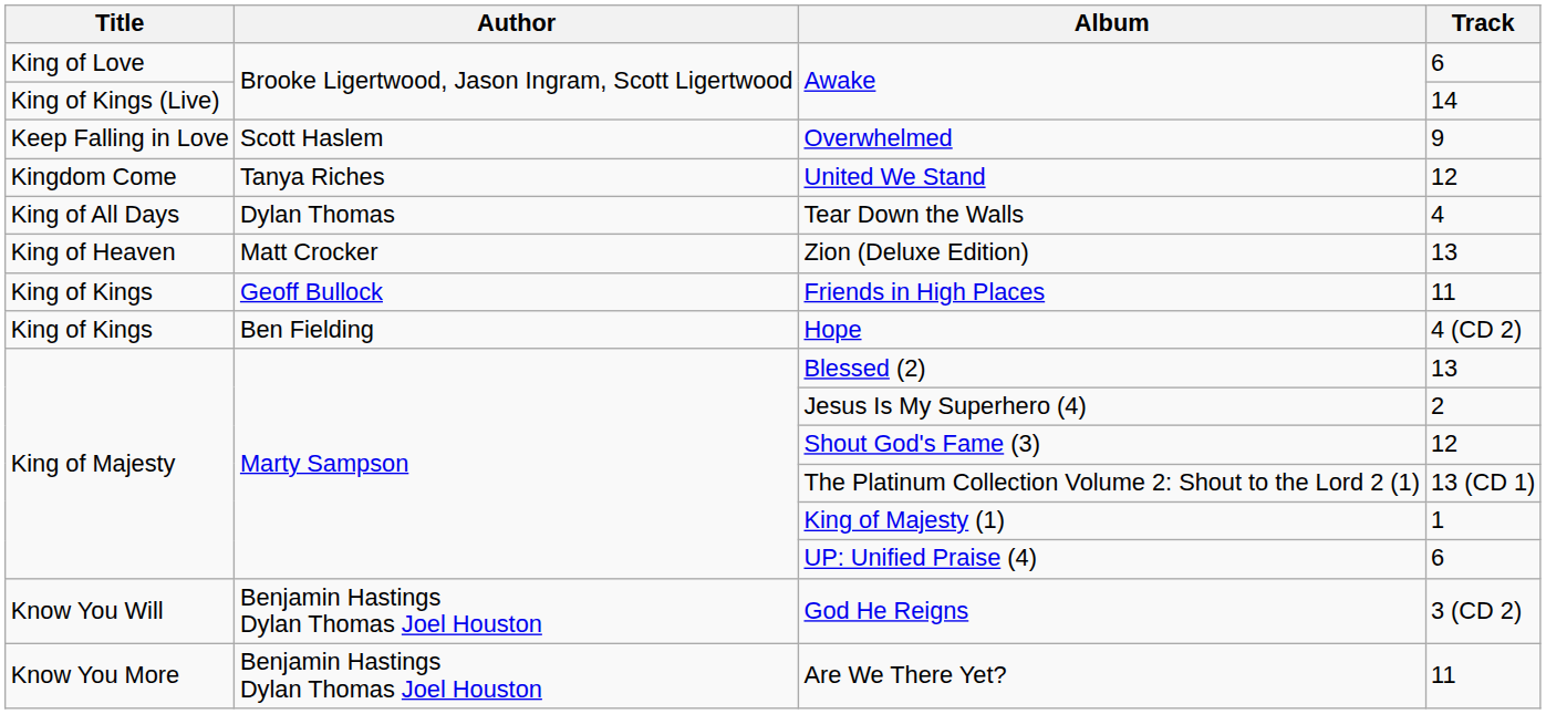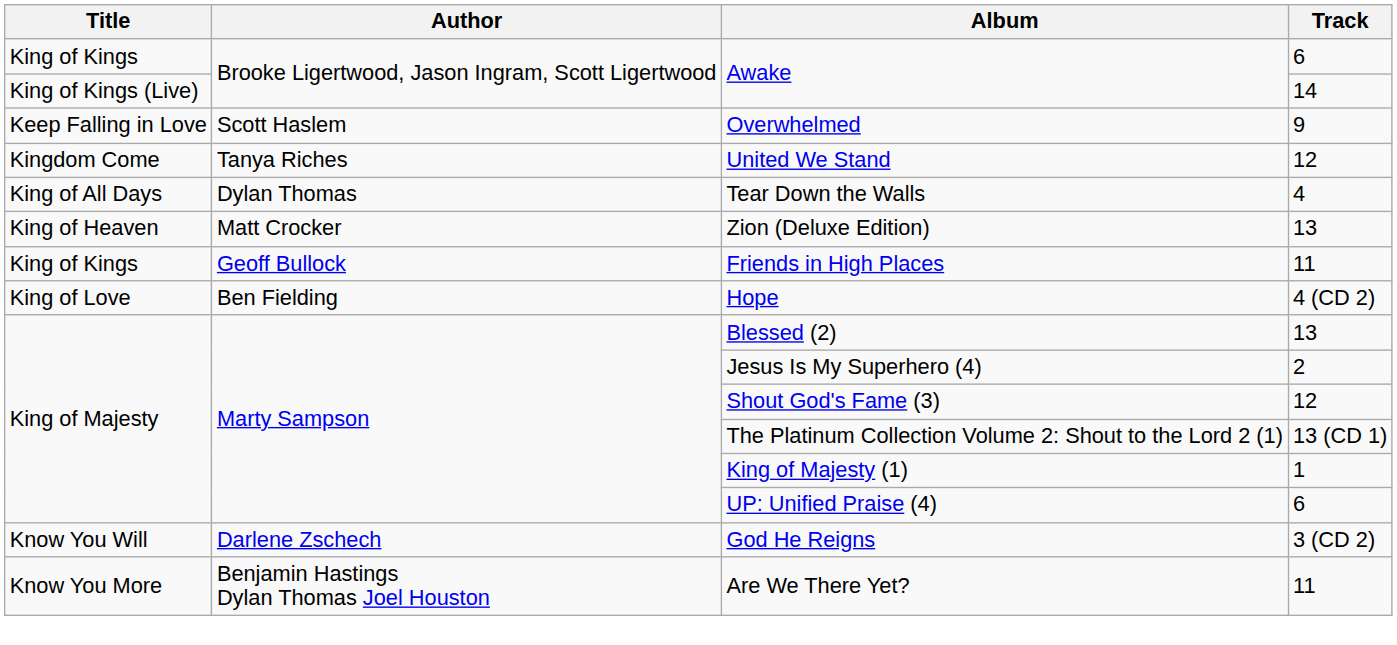 <table class="wikitable">
 <tr>
 <th>Title</th>
 <th>Author</th>
 <th>Album</th>
 <th>Track</th>
 </tr>
 <tr>
-<td>King of Love</td>
+<td>King of Kings</td>
 <td rowspan="2">Brooke Ligertwood, Jason Ingram, Scott Ligertwood</td>
 <td rowspan="2"><a href='#'>Awake</a></td>
 <td>6</td>
 </tr>
 <tr>
 <td>King of Kings (Live)</td>
 <td>14</td>
 </tr>
 <tr>
 <td>Keep Falling in Love</td>
 <td>Scott Haslem</td>
 <td><a href='#'>Overwhelmed</a></td>
 <td>9</td>
 </tr>
 <tr>
 <td>Kingdom Come</td>
 <td>Tanya Riches</td>
 <td><a href='#'>United We Stand</a></td>
 <td>12</td>
 </tr>
 <tr>
 <td>King of All Days</td>
 <td>Dylan Thomas</td>
 <td>Tear Down the Walls</td>
 <td>4</td>
 </tr>
 <tr>
 <td>King of Heaven</td>
 <td>Matt Crocker</td>
 <td>Zion (Deluxe Edition)</td>
 <td>13</td>
 </tr>
 <tr>
 <td>King of Kings</td>
 <td><a href='#'>Geoff Bullock</a></td>
 <td><a href='#'>Friends in High Places</a></td>
 <td>11</td>
 </tr>
 <tr>
-<td>King of Kings</td>
+<td>King of Love</td>
 <td>Ben Fielding</td>
 <td><a href='#'>Hope</a></td>
 <td>4 (CD 2)</td>
 </tr>
 <tr>
 <td rowspan="6">King of Majesty</td>
 <td rowspan="6"><a href='#'>Marty Sampson</a></td>
 <td><a href='#'>Blessed</a> (2)</td>
 <td>13</td>
 </tr>
 <tr>
 <td>Jesus Is My Superhero (4)</td>
 <td>2</td>
 </tr>
 <tr>
 <td><a href='#'>Shout God's Fame</a> (3)</td>
 <td>12</td>
 </tr>
 <tr>
 <td>The Platinum Collection Volume 2: Shout to the Lord 2 (1)</td>
 <td>13 (CD 1)</td>
 </tr>
 <tr>
 <td><a href='#'>King of Majesty</a> (1)</td>
 <td>1</td>
 </tr>
 <tr>
 <td><a href='#'>UP: Unified Praise</a> (4)</td>
 <td>6</td>
 </tr>
 <tr>
 <td>Know You Will</td>
-<td>Benjamin Hastings<br>Dylan Thomas <a href='#'>Joel Houston</a></td>
+<td><a href='#'>Darlene Zschech</a></td>
 <td><a href='#'>God He Reigns</a></td>
 <td>3 (CD 2)</td>
 </tr>
 <tr>
 <td>Know You More</td>
 <td>Benjamin Hastings<br>Dylan Thomas <a href='#'>Joel Houston</a></td>
 <td>Are We There Yet?</td>
 <td>11</td>
 </tr>
 </table>
